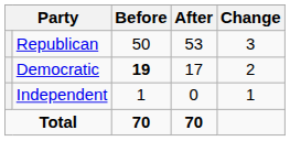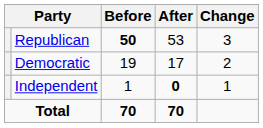 <table class="wikitable" style="text-align:center;">
 <tr>
 </tr>
 <tr>
 <th colspan=2>Party</th>
 <th>Before</th>
 <th>After</th>
 <th>Change</th>
 </tr>
 <tr>
 <th style="background-color:"></th>
 <td style="text-align:left;"><a href='#'>Republican</a></td>
-<td>50</td>
+<td><strong>50</strong></td>
 <td>53</td>
 <td> 3</td>
 </tr>
 <tr>
 <th style="background-color:"></th>
 <td style="text-align:left;"><a href='#'>Democratic</a></td>
-<td><strong>19</strong></td>
+<td>19</td>
 <td>17</td>
 <td> 2</td>
 </tr>
 <tr>
 <th style="background-color:"></th>
 <td style="text-align:left;"><a href='#'>Independent</a></td>
 <td>1</td>
-<td>0</td>
+<td><strong>0</strong></td>
 <td> 1</td>
 </tr>
 <tr>
 <td colspan=2><strong>Total</strong></td>
 <td><strong>70</strong></td>
 <td><strong>70</strong></td>
 <td></td>
 </tr>
 </table>
